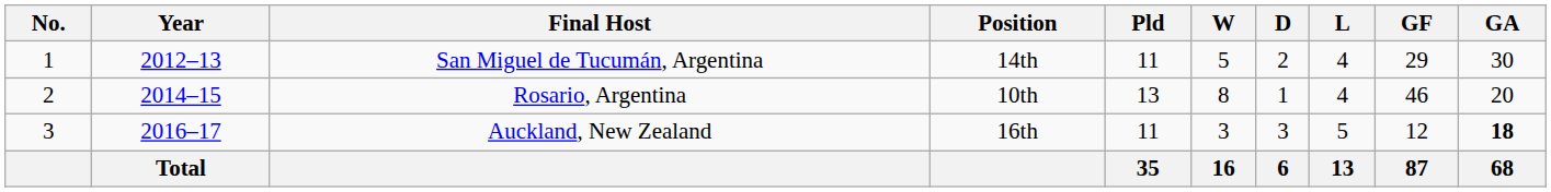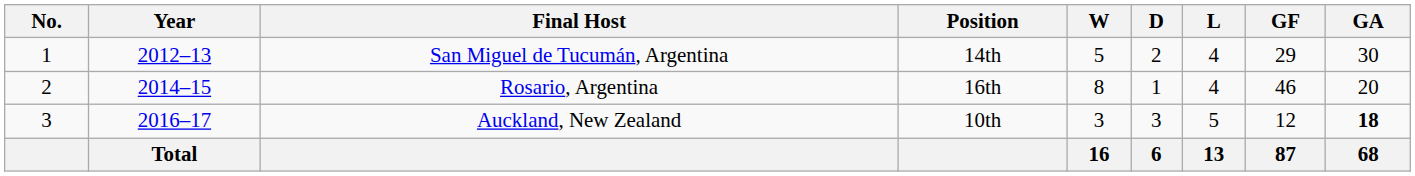 <table class="wikitable" style="text-align: center; width:85%">
 <tr>
 <th>No.</th>
 <th>Year</th>
 <th>Final Host</th>
 <th>Position</th>
-<th>Pld</th>
 <th>W</th>
 <th>D</th>
 <th>L</th>
 <th>GF</th>
 <th>GA</th>
 </tr>
 <tr>
 <td>1</td>
 <td><a href='#'>2012–13</a></td>
 <td> <a href='#'>San Miguel de Tucumán</a>, Argentina</td>
 <td>14th</td>
-<td>11</td>
 <td>5</td>
 <td>2</td>
 <td>4</td>
 <td>29</td>
 <td>30</td>
 </tr>
 <tr>
 <td>2</td>
 <td><a href='#'>2014–15</a></td>
 <td> <a href='#'>Rosario</a>, Argentina</td>
-<td>10th</td>
-<td>13</td>
+<td>16th</td>
 <td>8</td>
 <td>1</td>
 <td>4</td>
 <td>46</td>
 <td>20</td>
 </tr>
 <tr>
 <td>3</td>
 <td><a href='#'>2016–17</a></td>
 <td> <a href='#'>Auckland</a>, New Zealand</td>
-<td>16th</td>
-<td>11</td>
+<td>10th</td>
 <td>3</td>
 <td>3</td>
 <td>5</td>
 <td>12</td>
 <td><strong>18</strong></td>
 </tr>
 <tr>
 <th></th>
 <th>Total</th>
 <th></th>
 <th></th>
-<th>35</th>
 <th>16</th>
 <th>6</th>
 <th>13</th>
 <th>87</th>
 <th>68</th>
 </tr>
 </table>
